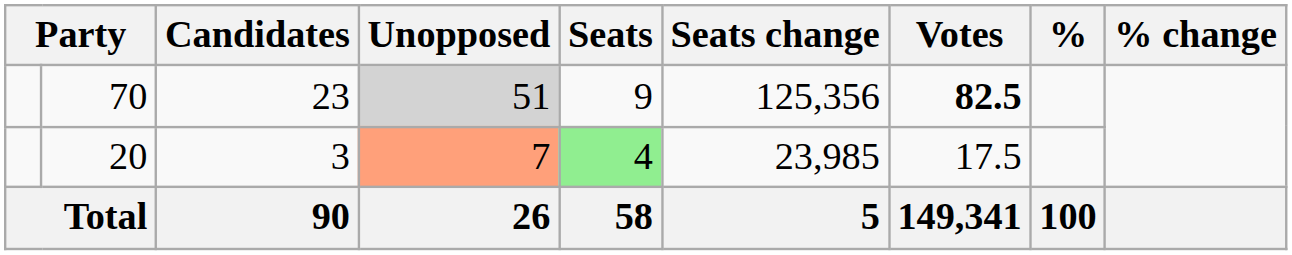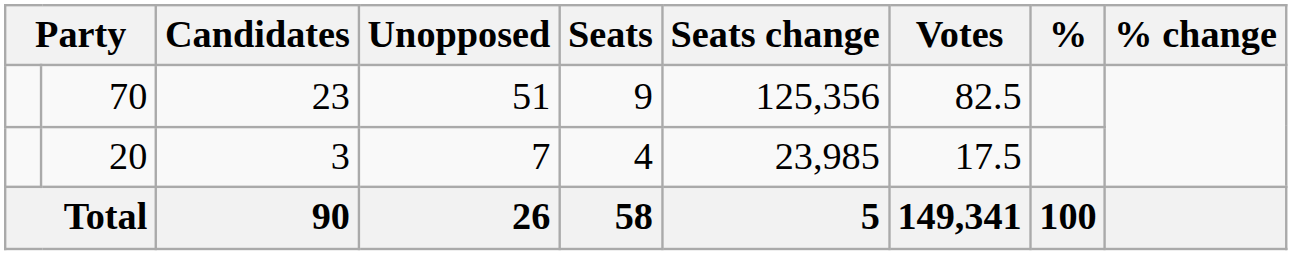 <table class="wikitable sortable">
 <tr>
 <th colspan=2>Party</th>
 <th>Candidates</th>
 <th>Unopposed</th>
 <th>Seats</th>
 <th>Seats change</th>
 <th>Votes</th>
 <th>%</th>
 <th>% change</th>
 </tr>
 <tr>
 <td></td>
 <td align=right>70</td>
 <td align=right>23</td>
-<td align=right style="background: lightgrey;">51</td>
+<td align=right>51</td>
 <td align=right>9</td>
 <td align=right>125,356</td>
-<td align=right><strong>82.5</strong></td>
+<td align=right>82.5</td>
 <td align=right></td>
 </tr>
 <tr>
 <td></td>
 <td align=right>20</td>
 <td align=right>3</td>
-<td align=right style="background: lightsalmon;">7</td>
-<td align=right style="background: lightgreen;">4</td>
+<td align=right>7</td>
+<td align=right>4</td>
 <td align=right>23,985</td>
 <td align=right>17.5</td>
 <td align=right></td>
 </tr>
 <tr class="sortbottom" style="font-weight: bold; text-align: right; background: #f2f2f2;">
 <th colspan="2" style="padding-left: 1.5em; text-align: left;">Total</th>
 <td align=right>90</td>
 <td align=right>26</td>
 <td align=right>58</td>
 <td align=right>5</td>
 <td align=right>149,341</td>
 <td align=right>100</td>
 <td align=right></td>
 </tr>
 </table>
